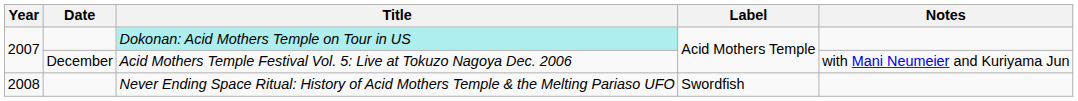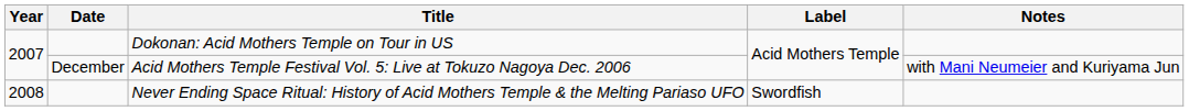 <table class="wikitable">
 <tr>
 <th>Year</th>
 <th>Date</th>
 <th>Title</th>
 <th>Label</th>
 <th>Notes</th>
 </tr>
 <tr>
 <td rowspan=2>2007</td>
 <td></td>
-<td style="background: paleturquoise;"><em>Dokonan: Acid Mothers Temple on Tour in US</em></td>
+<td><em>Dokonan: Acid Mothers Temple on Tour in US</em></td>
 <td rowspan=2>Acid Mothers Temple</td>
 <td></td>
 </tr>
 <tr>
 <td>December</td>
 <td><em>Acid Mothers Temple Festival Vol. 5: Live at Tokuzo Nagoya Dec. 2006</em></td>
 <td>with <a href='#'>Mani Neumeier</a> and Kuriyama Jun</td>
 </tr>
 <tr>
 <td>2008</td>
 <td></td>
 <td><em>Never Ending Space Ritual: History of Acid Mothers Temple & the Melting Pariaso UFO</em></td>
 <td>Swordfish</td>
 <td></td>
 </tr>
 </table>
